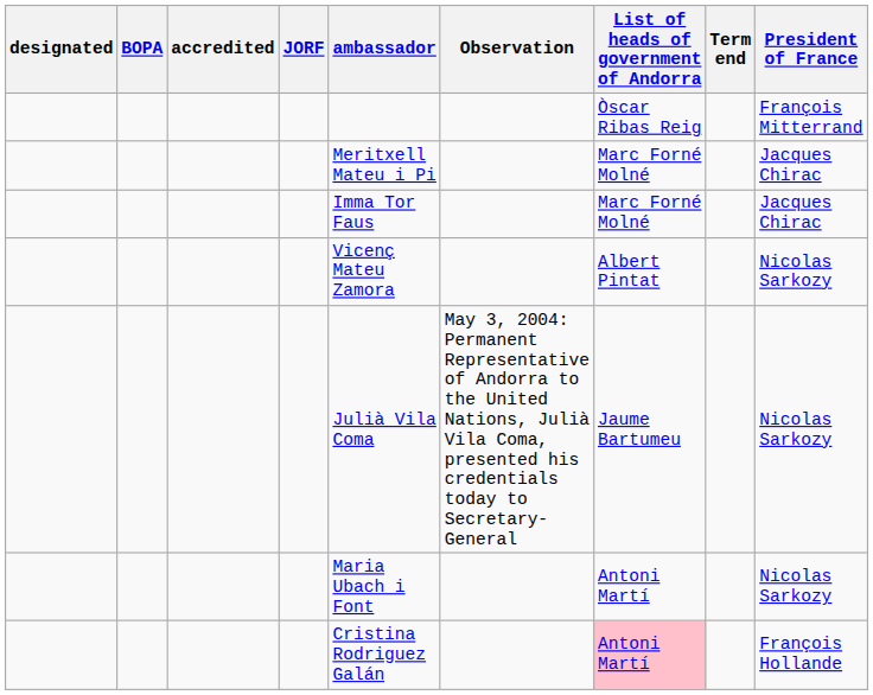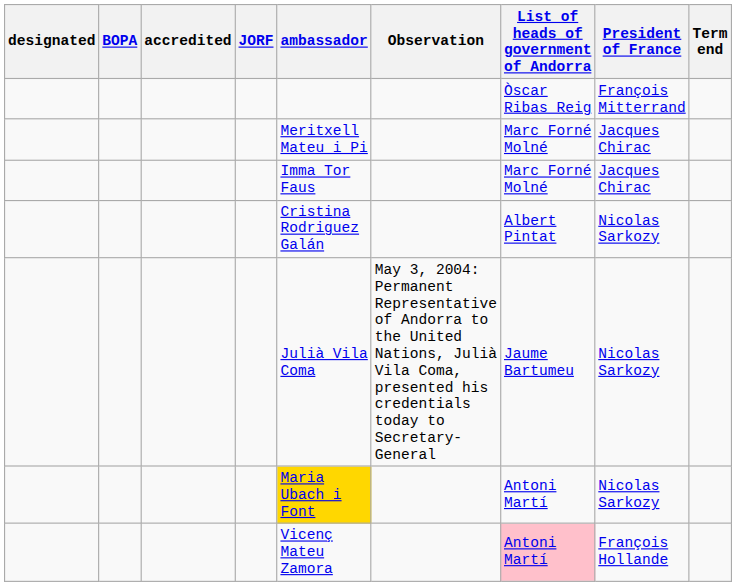 <table class="wikitable sortable">
 <tr>
 <th>designated</th>
 <th><a href='#'>BOPA</a></th>
 <th>accredited</th>
 <th><a href='#'>JORF</a></th>
 <th><a href='#'>ambassador</a></th>
 <th>Observation</th>
 <th><a href='#'>List of heads of government of Andorra</a></th>
+<th><a href='#'>President of France</a></th>
 <th>Term end</th>
-<th><a href='#'>President of France</a></th>
 </tr>
 <tr>
 <td></td>
 <td></td>
 <td></td>
 <td></td>
 <td></td>
 <td></td>
 <td><a href='#'>Òscar Ribas Reig</a></td>
+<td><a href='#'>François Mitterrand</a></td>
 <td></td>
-<td><a href='#'>François Mitterrand</a></td>
 </tr>
 <tr>
 <td></td>
 <td></td>
 <td></td>
 <td></td>
 <td><a href='#'>Meritxell Mateu i Pi</a></td>
 <td></td>
 <td><a href='#'>Marc Forné Molné</a></td>
+<td><a href='#'>Jacques Chirac</a></td>
 <td></td>
-<td><a href='#'>Jacques Chirac</a></td>
 </tr>
 <tr>
 <td></td>
 <td></td>
 <td></td>
 <td></td>
 <td><a href='#'>Imma Tor Faus</a></td>
 <td></td>
 <td><a href='#'>Marc Forné Molné</a></td>
+<td><a href='#'>Jacques Chirac</a></td>
 <td></td>
-<td><a href='#'>Jacques Chirac</a></td>
 </tr>
 <tr>
 <td></td>
 <td></td>
 <td></td>
 <td></td>
-<td><a href='#'>Vicenç Mateu Zamora</a></td>
+<td><a href='#'>Cristina Rodriguez Galán</a></td>
 <td></td>
 <td><a href='#'>Albert Pintat</a></td>
+<td><a href='#'>Nicolas Sarkozy</a></td>
 <td></td>
-<td><a href='#'>Nicolas Sarkozy</a></td>
 </tr>
 <tr>
 <td></td>
 <td></td>
 <td></td>
 <td></td>
 <td><a href='#'>Julià Vila Coma</a></td>
 <td>May 3, 2004: Permanent Representative of Andorra to the United Nations, Julià Vila Coma, presented his credentials today to Secretary-General</td>
 <td><a href='#'>Jaume Bartumeu</a></td>
+<td><a href='#'>Nicolas Sarkozy</a></td>
 <td></td>
-<td><a href='#'>Nicolas Sarkozy</a></td>
 </tr>
 <tr>
 <td></td>
 <td></td>
 <td></td>
 <td></td>
-<td><a href='#'>Maria Ubach i Font</a></td>
+<td style="background: gold;"><a href='#'>Maria Ubach i Font</a></td>
 <td></td>
 <td><a href='#'>Antoni Martí</a></td>
+<td><a href='#'>Nicolas Sarkozy</a></td>
 <td></td>
-<td><a href='#'>Nicolas Sarkozy</a></td>
 </tr>
 <tr>
 <td></td>
 <td></td>
 <td></td>
 <td></td>
-<td><a href='#'>Cristina Rodriguez Galán</a></td>
+<td><a href='#'>Vicenç Mateu Zamora</a></td>
 <td></td>
 <td style="background: pink;"><a href='#'>Antoni Martí</a></td>
+<td><a href='#'>François Hollande</a></td>
 <td></td>
-<td><a href='#'>François Hollande</a></td>
 </tr>
 </table>
